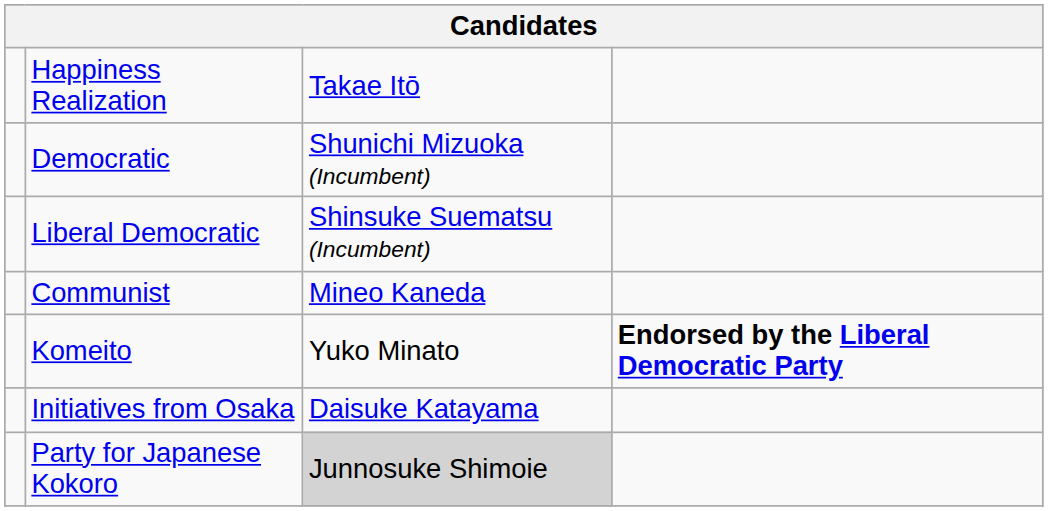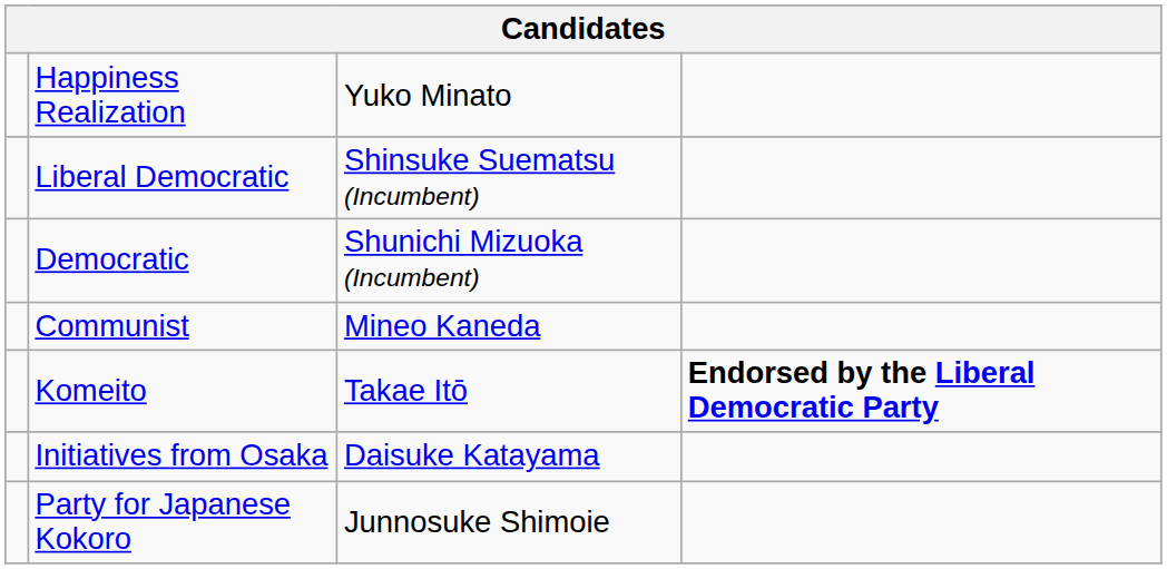 <table class="wikitable">
 <tr>
 <th colspan=4>Candidates</th>
 </tr>
 <tr>
 <td style="background:"> </td>
 <td><a href='#'>Happiness Realization</a></td>
-<td><a href='#'>Takae Itō</a></td>
+<td>Yuko Minato</td>
+<td></td>
+</tr>
+<tr>
+<td style="background:"> </td>
+<td><a href='#'>Liberal Democratic</a></td>
+<td><a href='#'>Shinsuke Suematsu</a> <small><em>(Incumbent)</em></small></td>
 <td></td>
 </tr>
 <tr>
 <td style="background:"> </td>
 <td><a href='#'>Democratic</a></td>
 <td><a href='#'>Shunichi Mizuoka</a> <small><em>(Incumbent)</em></small></td>
-<td></td>
-</tr>
-<tr>
-<td style="background:"> </td>
-<td><a href='#'>Liberal Democratic</a></td>
-<td><a href='#'>Shinsuke Suematsu</a> <small><em>(Incumbent)</em></small></td>
 <td></td>
 </tr>
 <tr>
 <td style="background:"> </td>
 <td><a href='#'>Communist</a></td>
 <td><a href='#'>Mineo Kaneda</a></td>
 <td></td>
 </tr>
 <tr>
 <td style="background:"> </td>
 <td><a href='#'>Komeito</a></td>
-<td>Yuko Minato</td>
+<td><a href='#'>Takae Itō</a></td>
 <td><strong>Endorsed by the <a href='#'>Liberal Democratic Party</a></strong></td>
 </tr>
 <tr>
 <td style="background:"> </td>
 <td><a href='#'>Initiatives from Osaka</a></td>
 <td><a href='#'>Daisuke Katayama</a></td>
 <td></td>
 </tr>
 <tr>
 <td style="background:"> </td>
 <td><a href='#'>Party for Japanese Kokoro</a></td>
-<td style="background: lightgrey;">Junnosuke Shimoie</td>
+<td>Junnosuke Shimoie</td>
 <td></td>
 </tr>
 </table>
